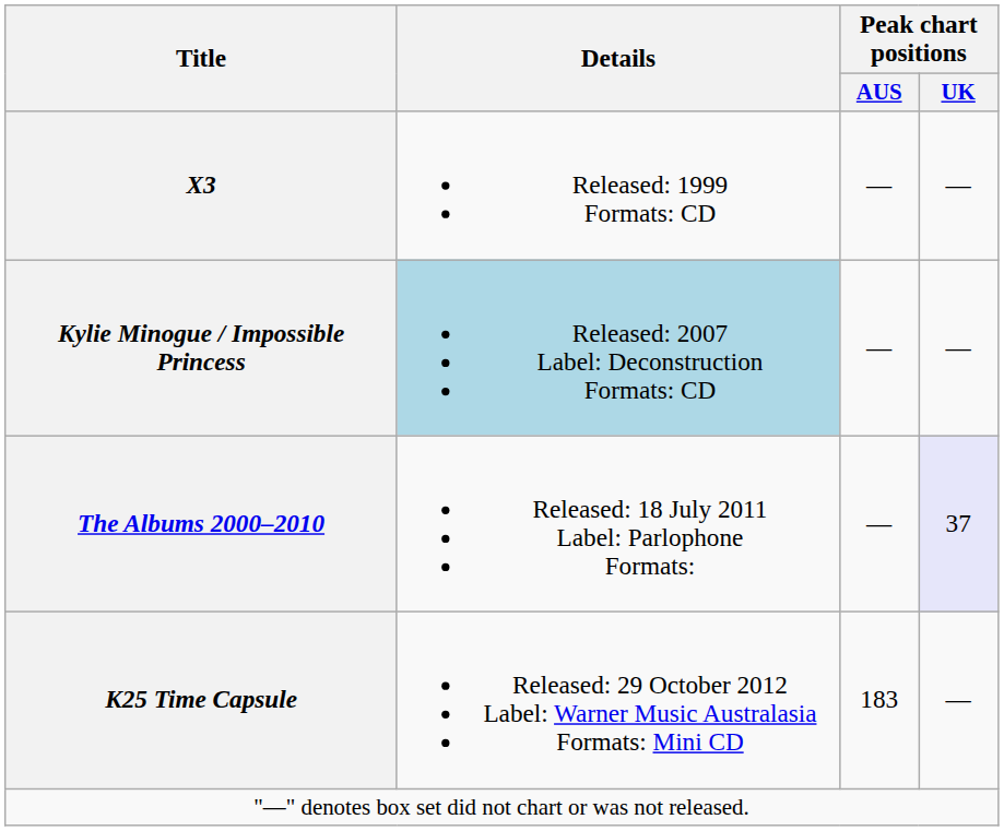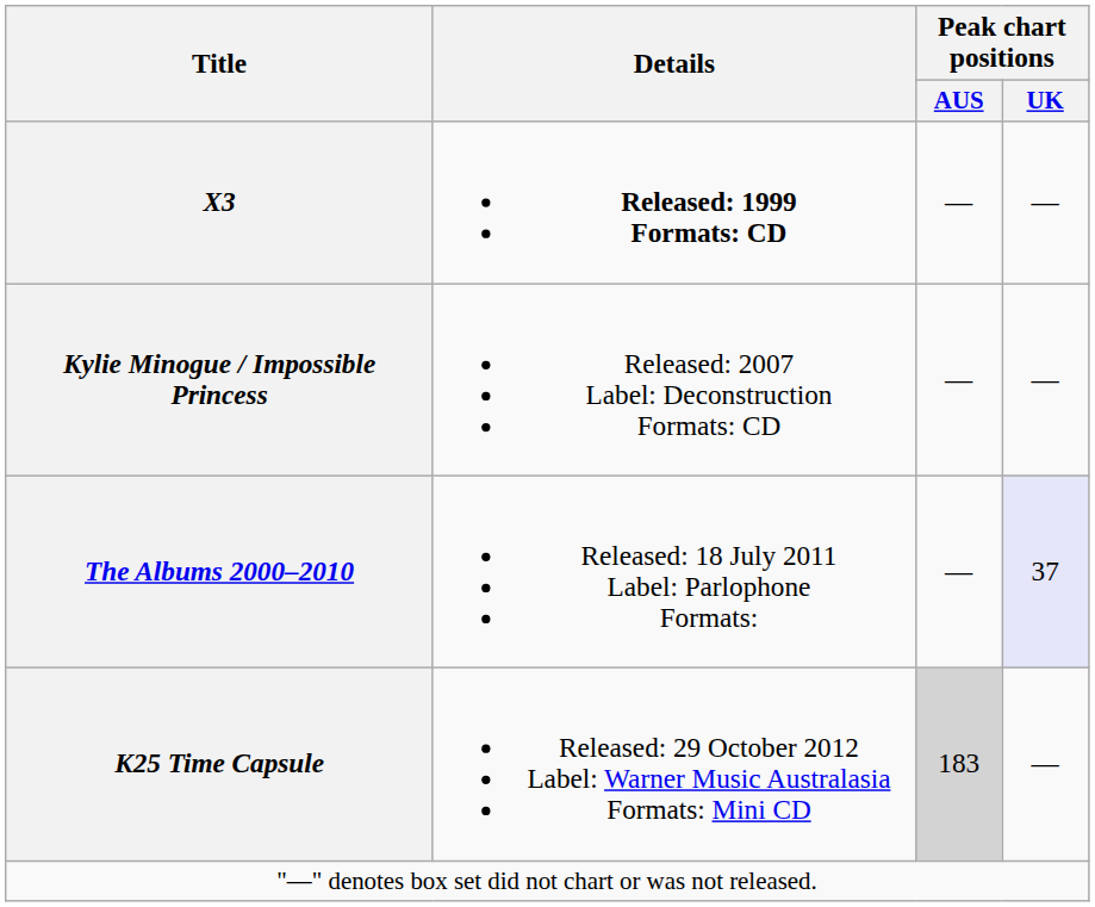 <table class="wikitable plainrowheaders" style="text-align:center;">
 <tr>
 <th scope="col" rowspan=2 style="width:15em;">Title</th>
 <th scope="col" rowspan=2 style="width:17em;">Details</th>
 <th scope="col" colspan=2>Peak chart positions</th>
 </tr>
 <tr>
 <th scope="col" style="width:3em;font-size:90%;"><a href='#'>AUS</a><br></th>
 <th scope="col" style="width:3em;font-size:90%;"><a href='#'>UK</a><br></th>
 </tr>
 <tr>
 <th scope=row><em>X3</em></th>
-<td><br><ul><li>Released: 1999</li><li>Formats: CD</li></ul></td>
+<td><strong><br><ul><li>Released: 1999</li><li>Formats: CD</li></ul></strong></td>
 <td>—</td>
 <td>—</td>
 </tr>
 <tr>
 <th scope=row><em>Kylie Minogue / Impossible Princess</em></th>
-<td style="background: lightblue;"><br><ul><li>Released: 2007</li><li>Label: Deconstruction</li><li>Formats: CD</li></ul></td>
+<td><br><ul><li>Released: 2007</li><li>Label: Deconstruction</li><li>Formats: CD</li></ul></td>
 <td>—</td>
 <td>—</td>
 </tr>
 <tr>
 <th scope=row><em><a href='#'>The Albums 2000–2010</a></em></th>
 <td><br><ul><li>Released: 18 July 2011</li><li>Label: Parlophone</li><li>Formats: </li></ul></td>
 <td>—</td>
 <td style="background: lavender;">37</td>
 </tr>
 <tr>
 <th scope=row><em>K25 Time Capsule</em></th>
 <td><br><ul><li>Released: 29 October 2012</li><li>Label: <a href='#'>Warner Music Australasia</a></li><li>Formats: <a href='#'>Mini CD</a></li></ul></td>
-<td>183</td>
+<td style="background: lightgrey;">183</td>
 <td>—</td>
 </tr>
 <tr>
 <td colspan=12 style="font-size:90%">"—" denotes box set did not chart or was not released.</td>
 </tr>
 </table>
